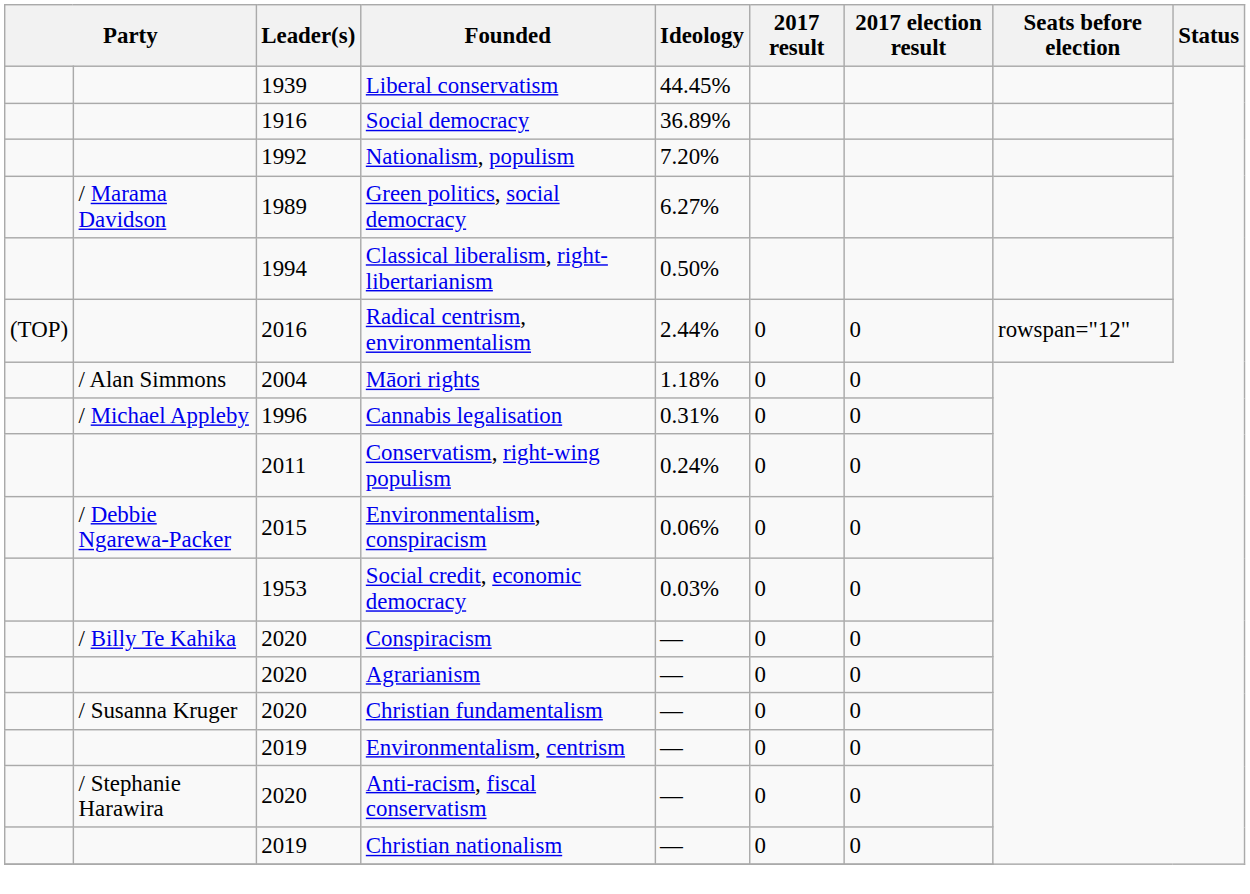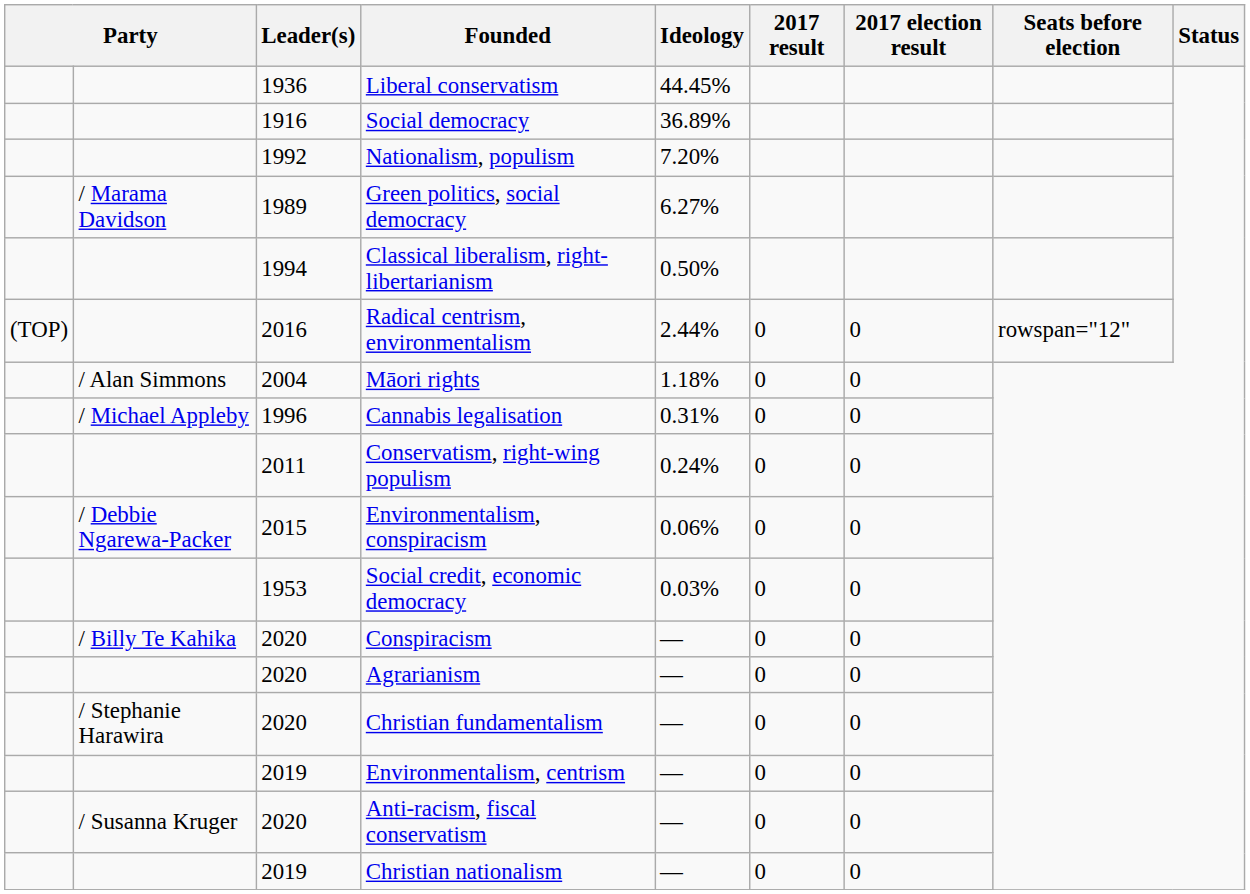 <table class="sortable wikitable">
 <tr>
 <th colspan="2">Party</th>
 <th>Leader(s)</th>
 <th>Founded</th>
 <th class=unsortable>Ideology</th>
 <th>2017 result</th>
 <th>2017 election result</th>
 <th>Seats before election</th>
 <th>Status</th>
 </tr>
 <tr>
 <td></td>
 <td></td>
-<td>1939</td>
+<td>1936</td>
 <td><a href='#'>Liberal conservatism</a></td>
 <td>44.45%</td>
 <td></td>
 <td></td>
 <td></td>
 </tr>
 <tr>
 <td></td>
 <td></td>
 <td>1916</td>
 <td><a href='#'>Social democracy</a></td>
 <td>36.89%</td>
 <td></td>
 <td></td>
 <td></td>
 </tr>
 <tr>
 <td></td>
 <td></td>
 <td>1992</td>
 <td><a href='#'>Nationalism</a>, <a href='#'>populism</a></td>
 <td>7.20%</td>
 <td></td>
 <td></td>
 <td></td>
 </tr>
 <tr>
 <td></td>
 <td> / <a href='#'>Marama Davidson</a></td>
 <td>1989</td>
 <td><a href='#'>Green politics</a>, <a href='#'>social democracy</a></td>
 <td>6.27%</td>
 <td></td>
 <td></td>
 <td></td>
 </tr>
 <tr>
 <td></td>
 <td></td>
 <td>1994</td>
 <td><a href='#'>Classical liberalism</a>, <a href='#'>right-libertarianism</a></td>
 <td>0.50%</td>
 <td></td>
 <td></td>
 <td></td>
 </tr>
 <tr>
 <td> (TOP)</td>
 <td></td>
 <td>2016</td>
 <td><a href='#'>Radical centrism</a>, <a href='#'>environmentalism</a></td>
 <td>2.44%</td>
 <td>0</td>
 <td>0</td>
 <td>rowspan="12" </td>
 </tr>
 <tr>
 <td></td>
 <td> / Alan Simmons</td>
 <td>2004</td>
 <td><a href='#'>Māori rights</a></td>
 <td>1.18%</td>
 <td>0</td>
 <td>0</td>
 </tr>
 <tr>
 <td></td>
 <td> / <a href='#'>Michael Appleby</a></td>
 <td>1996</td>
 <td><a href='#'>Cannabis legalisation</a></td>
 <td>0.31%</td>
 <td>0</td>
 <td>0</td>
 </tr>
 <tr>
 <td></td>
 <td></td>
 <td>2011</td>
 <td><a href='#'>Conservatism</a>, <a href='#'>right-wing populism</a></td>
 <td>0.24%</td>
 <td>0</td>
 <td>0</td>
 </tr>
 <tr>
 <td></td>
 <td> / <a href='#'>Debbie Ngarewa-Packer</a></td>
 <td>2015</td>
 <td><a href='#'>Environmentalism</a>, <a href='#'>conspiracism</a></td>
 <td>0.06%</td>
 <td>0</td>
 <td>0</td>
 </tr>
 <tr>
 <td></td>
 <td></td>
 <td>1953</td>
 <td><a href='#'>Social credit</a>, <a href='#'>economic democracy</a></td>
 <td>0.03%</td>
 <td>0</td>
 <td>0</td>
 </tr>
 <tr>
 <td></td>
 <td> / <a href='#'>Billy Te Kahika</a></td>
 <td>2020</td>
 <td><a href='#'>Conspiracism</a></td>
 <td>—</td>
 <td>0</td>
 <td>0</td>
 </tr>
 <tr>
 <td></td>
 <td></td>
 <td>2020</td>
 <td><a href='#'>Agrarianism</a></td>
 <td>—</td>
 <td>0</td>
 <td>0</td>
 </tr>
 <tr>
 <td></td>
-<td> / Susanna Kruger</td>
+<td> / Stephanie Harawira</td>
 <td>2020</td>
 <td><a href='#'>Christian fundamentalism</a></td>
 <td>—</td>
 <td>0</td>
 <td>0</td>
 </tr>
 <tr>
 <td></td>
 <td></td>
 <td>2019</td>
 <td><a href='#'>Environmentalism</a>, <a href='#'>centrism</a></td>
 <td>—</td>
 <td>0</td>
 <td>0</td>
 </tr>
 <tr>
 <td></td>
-<td> / Stephanie Harawira</td>
+<td> / Susanna Kruger</td>
 <td>2020</td>
 <td><a href='#'>Anti-racism</a>, <a href='#'>fiscal conservatism</a></td>
 <td>—</td>
 <td>0</td>
 <td>0</td>
 </tr>
 <tr>
 <td></td>
 <td></td>
 <td>2019</td>
 <td><a href='#'>Christian nationalism</a></td>
 <td>—</td>
 <td>0</td>
 <td>0</td>
 </tr>
 <tr>
 </tr>
 </table>
